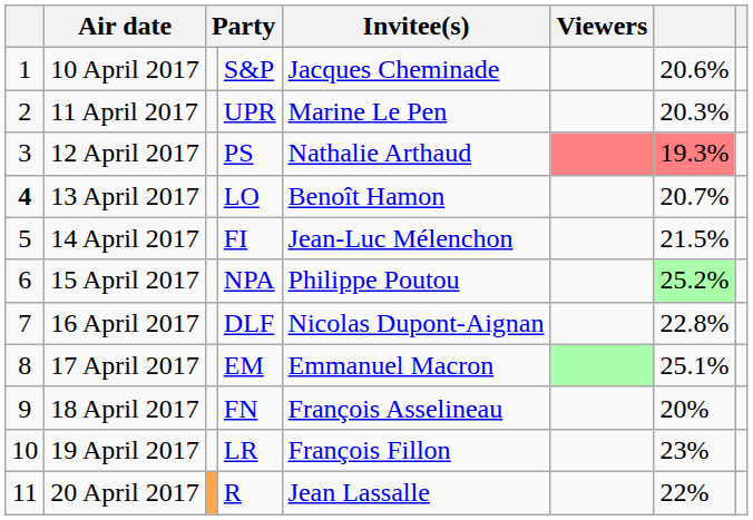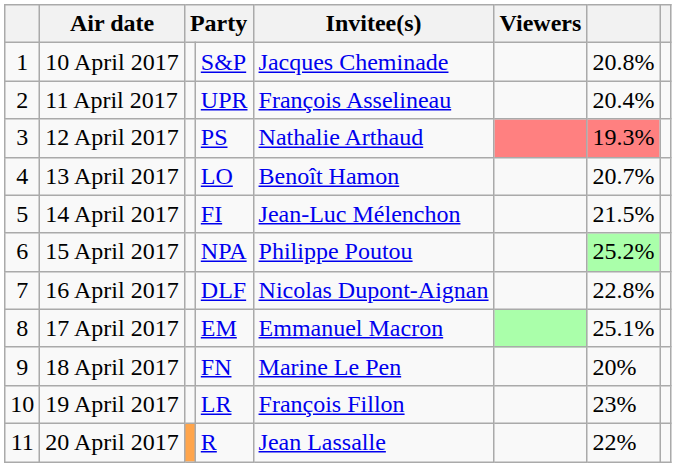 <table class="wikitable" style="font-size:100%;">
 <tr>
 <th></th>
 <th>Air date</th>
 <th colspan=2>Party</th>
 <th>Invitee(s)</th>
 <th>Viewers</th>
 <th></th>
 <th></th>
 </tr>
 <tr>
 <td align="center">1</td>
 <td>10 April 2017</td>
 <td style="background-color:"></td>
 <td><a href='#'>S&P</a></td>
 <td><a href='#'>Jacques Cheminade</a></td>
 <td></td>
-<td>20.6%</td>
+<td>20.8%</td>
 <td></td>
 </tr>
 <tr>
 <td align="center">2</td>
 <td>11 April 2017</td>
 <td style="background-color:"></td>
 <td><a href='#'>UPR</a></td>
-<td><a href='#'>Marine Le Pen</a></td>
+<td><a href='#'>François Asselineau</a></td>
 <td></td>
-<td>20.3%</td>
+<td>20.4%</td>
 <td></td>
 </tr>
 <tr>
 <td align="center">3</td>
 <td>12 April 2017</td>
 <td style="background-color:"></td>
 <td><a href='#'>PS</a></td>
 <td><a href='#'>Nathalie Arthaud</a></td>
 <td bgcolor="#ff8080"></td>
 <td bgcolor="#ff8080">19.3%</td>
 <td></td>
 </tr>
 <tr>
-<td align="center"><strong>4</strong></td>
+<td align="center">4</td>
 <td>13 April 2017</td>
 <td style="background-color:"></td>
 <td><a href='#'>LO</a></td>
 <td><a href='#'>Benoît Hamon</a></td>
 <td></td>
 <td>20.7%</td>
 <td></td>
 </tr>
 <tr>
 <td align="center">5</td>
 <td>14 April 2017</td>
 <td style="background-color:"></td>
 <td><a href='#'>FI</a></td>
 <td><a href='#'>Jean-Luc Mélenchon</a></td>
 <td></td>
 <td>21.5%</td>
 <td></td>
 </tr>
 <tr>
 <td align="center">6</td>
 <td>15 April 2017</td>
 <td style="background-color:"></td>
 <td><a href='#'>NPA</a></td>
 <td><a href='#'>Philippe Poutou</a></td>
 <td></td>
 <td bgcolor="#aaffaa">25.2%</td>
 <td></td>
 </tr>
 <tr>
 <td align="center">7</td>
 <td>16 April 2017</td>
 <td style="background-color:"></td>
 <td><a href='#'>DLF</a></td>
 <td><a href='#'>Nicolas Dupont-Aignan</a></td>
 <td></td>
 <td>22.8%</td>
 <td></td>
 </tr>
 <tr>
 <td align="center">8</td>
 <td>17 April 2017</td>
 <td style="background-color:"></td>
 <td><a href='#'>EM</a></td>
 <td><a href='#'>Emmanuel Macron</a></td>
 <td bgcolor="#aaffaa"></td>
 <td>25.1%</td>
 <td></td>
 </tr>
 <tr>
 <td align="center">9</td>
 <td>18 April 2017</td>
 <td style="background-color:"></td>
 <td><a href='#'>FN</a></td>
-<td><a href='#'>François Asselineau</a></td>
+<td><a href='#'>Marine Le Pen</a></td>
 <td></td>
 <td>20%</td>
 <td></td>
 </tr>
 <tr>
 <td align="center">10</td>
 <td>19 April 2017</td>
 <td style="background-color:"></td>
 <td><a href='#'>LR</a></td>
 <td><a href='#'>François Fillon</a></td>
 <td></td>
 <td>23%</td>
 <td></td>
 </tr>
 <tr>
 <td align="center">11</td>
 <td>20 April 2017</td>
 <td style="background-color:#FFA54C;"></td>
 <td><a href='#'>R</a></td>
 <td><a href='#'>Jean Lassalle</a></td>
 <td></td>
 <td>22%</td>
 <td></td>
 </tr>
 </table>
